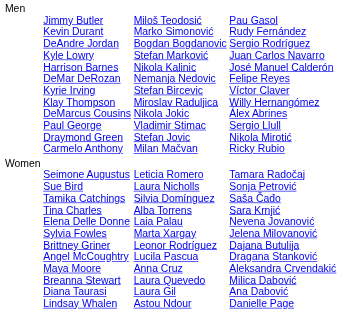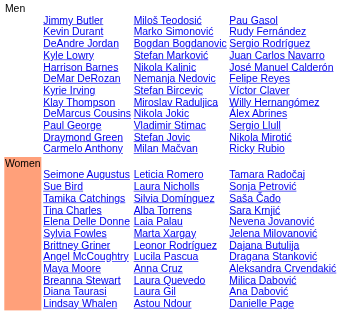 <table>
 <tr valign="top">
 <td>Men<br></td>
 <td><br><a href='#'>Jimmy Butler</a><br><a href='#'>Kevin Durant</a><br><a href='#'>DeAndre Jordan</a><br><a href='#'>Kyle Lowry</a><br><a href='#'>Harrison Barnes</a><br><a href='#'>DeMar DeRozan</a><br><a href='#'>Kyrie Irving</a><br><a href='#'>Klay Thompson</a><br><a href='#'>DeMarcus Cousins</a><br><a href='#'>Paul George</a><br><a href='#'>Draymond Green</a><br><a href='#'>Carmelo Anthony</a></td>
 <td><br><a href='#'>Miloš Teodosić</a><br><a href='#'>Marko Simonović</a><br><a href='#'>Bogdan Bogdanovic</a><br><a href='#'>Stefan Marković</a><br><a href='#'>Nikola Kalinic</a><br><a href='#'>Nemanja Nedovic</a><br><a href='#'>Stefan Bircevic</a><br><a href='#'>Miroslav Raduljica</a><br><a href='#'>Nikola Jokic</a><br><a href='#'>Vladimir Stimac</a><br><a href='#'>Stefan Jovic</a><br><a href='#'>Milan Mačvan</a></td>
 <td><br><a href='#'>Pau Gasol</a><br><a href='#'>Rudy Fernández</a><br><a href='#'>Sergio Rodríguez</a><br><a href='#'>Juan Carlos Navarro</a><br><a href='#'>José Manuel Calderón</a><br><a href='#'>Felipe Reyes</a><br><a href='#'>Víctor Claver</a><br><a href='#'>Willy Hernangómez</a><br><a href='#'>Álex Abrines</a><br><a href='#'>Sergio Llull</a><br><a href='#'>Nikola Mirotić</a><br><a href='#'>Ricky Rubio</a></td>
 </tr>
 <tr valign="top">
-<td>Women<br></td>
+<td style="background: lightsalmon;">Women<br></td>
 <td><br><a href='#'>Seimone Augustus</a><br><a href='#'>Sue Bird</a><br><a href='#'>Tamika Catchings</a><br><a href='#'>Tina Charles</a><br><a href='#'>Elena Delle Donne</a><br><a href='#'>Sylvia Fowles</a><br><a href='#'>Brittney Griner</a><br><a href='#'>Angel McCoughtry</a><br><a href='#'>Maya Moore</a><br><a href='#'>Breanna Stewart</a><br><a href='#'>Diana Taurasi</a><br><a href='#'>Lindsay Whalen</a></td>
 <td><br><a href='#'>Leticia Romero</a><br><a href='#'>Laura Nicholls</a><br><a href='#'>Silvia Domínguez</a><br><a href='#'>Alba Torrens</a><br><a href='#'>Laia Palau</a><br><a href='#'>Marta Xargay</a><br><a href='#'>Leonor Rodríguez</a><br><a href='#'>Lucila Pascua</a><br><a href='#'>Anna Cruz</a><br><a href='#'>Laura Quevedo</a><br><a href='#'>Laura Gil</a><br><a href='#'>Astou Ndour</a></td>
 <td><br><a href='#'>Tamara Radočaj</a><br><a href='#'>Sonja Petrović</a><br><a href='#'>Saša Čađo</a><br><a href='#'>Sara Krnjić</a><br><a href='#'>Nevena Jovanović</a><br><a href='#'>Jelena Milovanović</a><br><a href='#'>Dajana Butulija</a><br><a href='#'>Dragana Stanković</a><br><a href='#'>Aleksandra Crvendakić</a><br><a href='#'>Milica Dabović</a><br><a href='#'>Ana Dabović</a><br><a href='#'>Danielle Page</a></td>
 </tr>
 </table>
